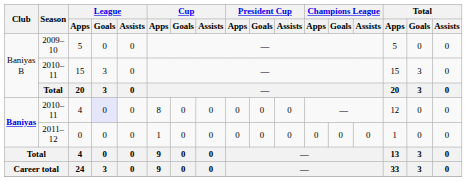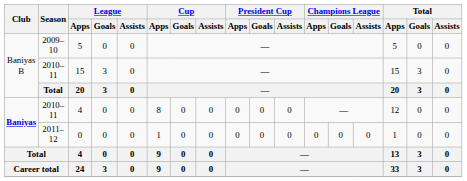 <table class="wikitable" style="font-size:90%; text-align: center;">
 <tr>
 <th rowspan="2">Club</th>
 <th rowspan="2">Season</th>
 <th colspan="3"><a href='#'>League</a></th>
 <th colspan="3"><a href='#'>Cup</a></th>
 <th colspan="3"><a href='#'>President Cup</a></th>
 <th colspan="3"><a href='#'>Champions League</a></th>
 <th colspan="3">Total</th>
 </tr>
 <tr>
 <th>Apps</th>
 <th>Goals</th>
 <th>Assists</th>
 <th>Apps</th>
 <th>Goals</th>
 <th>Assists</th>
 <th>Apps</th>
 <th>Goals</th>
 <th>Assists</th>
 <th>Apps</th>
 <th>Goals</th>
 <th>Assists</th>
 <th>Apps</th>
 <th>Goals</th>
 <th>Assists</th>
 </tr>
 <tr>
 <td rowspan="3" style="text-align:center;">Baniyas B</td>
 <td !colspan="2">2009–10</td>
 <td>5</td>
 <td>0</td>
 <td>0</td>
 <td colspan=9>—</td>
 <td>5</td>
 <td>0</td>
 <td>0</td>
 </tr>
 <tr>
 <td !colspan="2">2010–11</td>
 <td>15</td>
 <td>3</td>
 <td>0</td>
 <td colspan=9>—</td>
 <td>15</td>
 <td>3</td>
 <td>0</td>
 </tr>
 <tr>
 <th colspan=1>Total</th>
 <th>20</th>
 <th>3</th>
 <th>0</th>
 <th colspan="9">—</th>
 <th>20</th>
 <th>3</th>
 <th>0</th>
 </tr>
 <tr>
 <td rowspan="2" align=center valign=center><strong><a href='#'>Baniyas</a> </strong></td>
 <td>2010–11</td>
 <td>4</td>
-<td style="background: lavender;">0</td>
+<td>0</td>
 <td>0</td>
 <td>8</td>
 <td>0</td>
 <td>0</td>
 <td>0</td>
 <td>0</td>
 <td>0</td>
 <td colspan="3">—</td>
 <td>12</td>
 <td>0</td>
 <td>0</td>
 </tr>
 <tr>
 <td>2011–12</td>
 <td>0</td>
 <td>0</td>
 <td>0</td>
 <td>1</td>
 <td>0</td>
 <td>0</td>
 <td>0</td>
 <td>0</td>
 <td>0</td>
 <td>0</td>
 <td>0</td>
 <td>0</td>
 <td>1</td>
 <td>0</td>
 <td>0</td>
 </tr>
 <tr>
 <th colspan=2>Total</th>
 <th>4</th>
 <th>0</th>
 <th>0</th>
 <th>9</th>
 <th>0</th>
 <th>0</th>
 <th colspan="6">—</th>
 <th>13</th>
 <th>3</th>
 <th>0</th>
 </tr>
 <tr>
 <th colspan=2>Career total</th>
 <th>24</th>
 <th>3</th>
 <th>0</th>
 <th>9</th>
 <th>0</th>
 <th>0</th>
 <th colspan="6">—</th>
 <th>33</th>
 <th>3</th>
 <th>0</th>
 </tr>
 <tr>
 </tr>
 </table>
